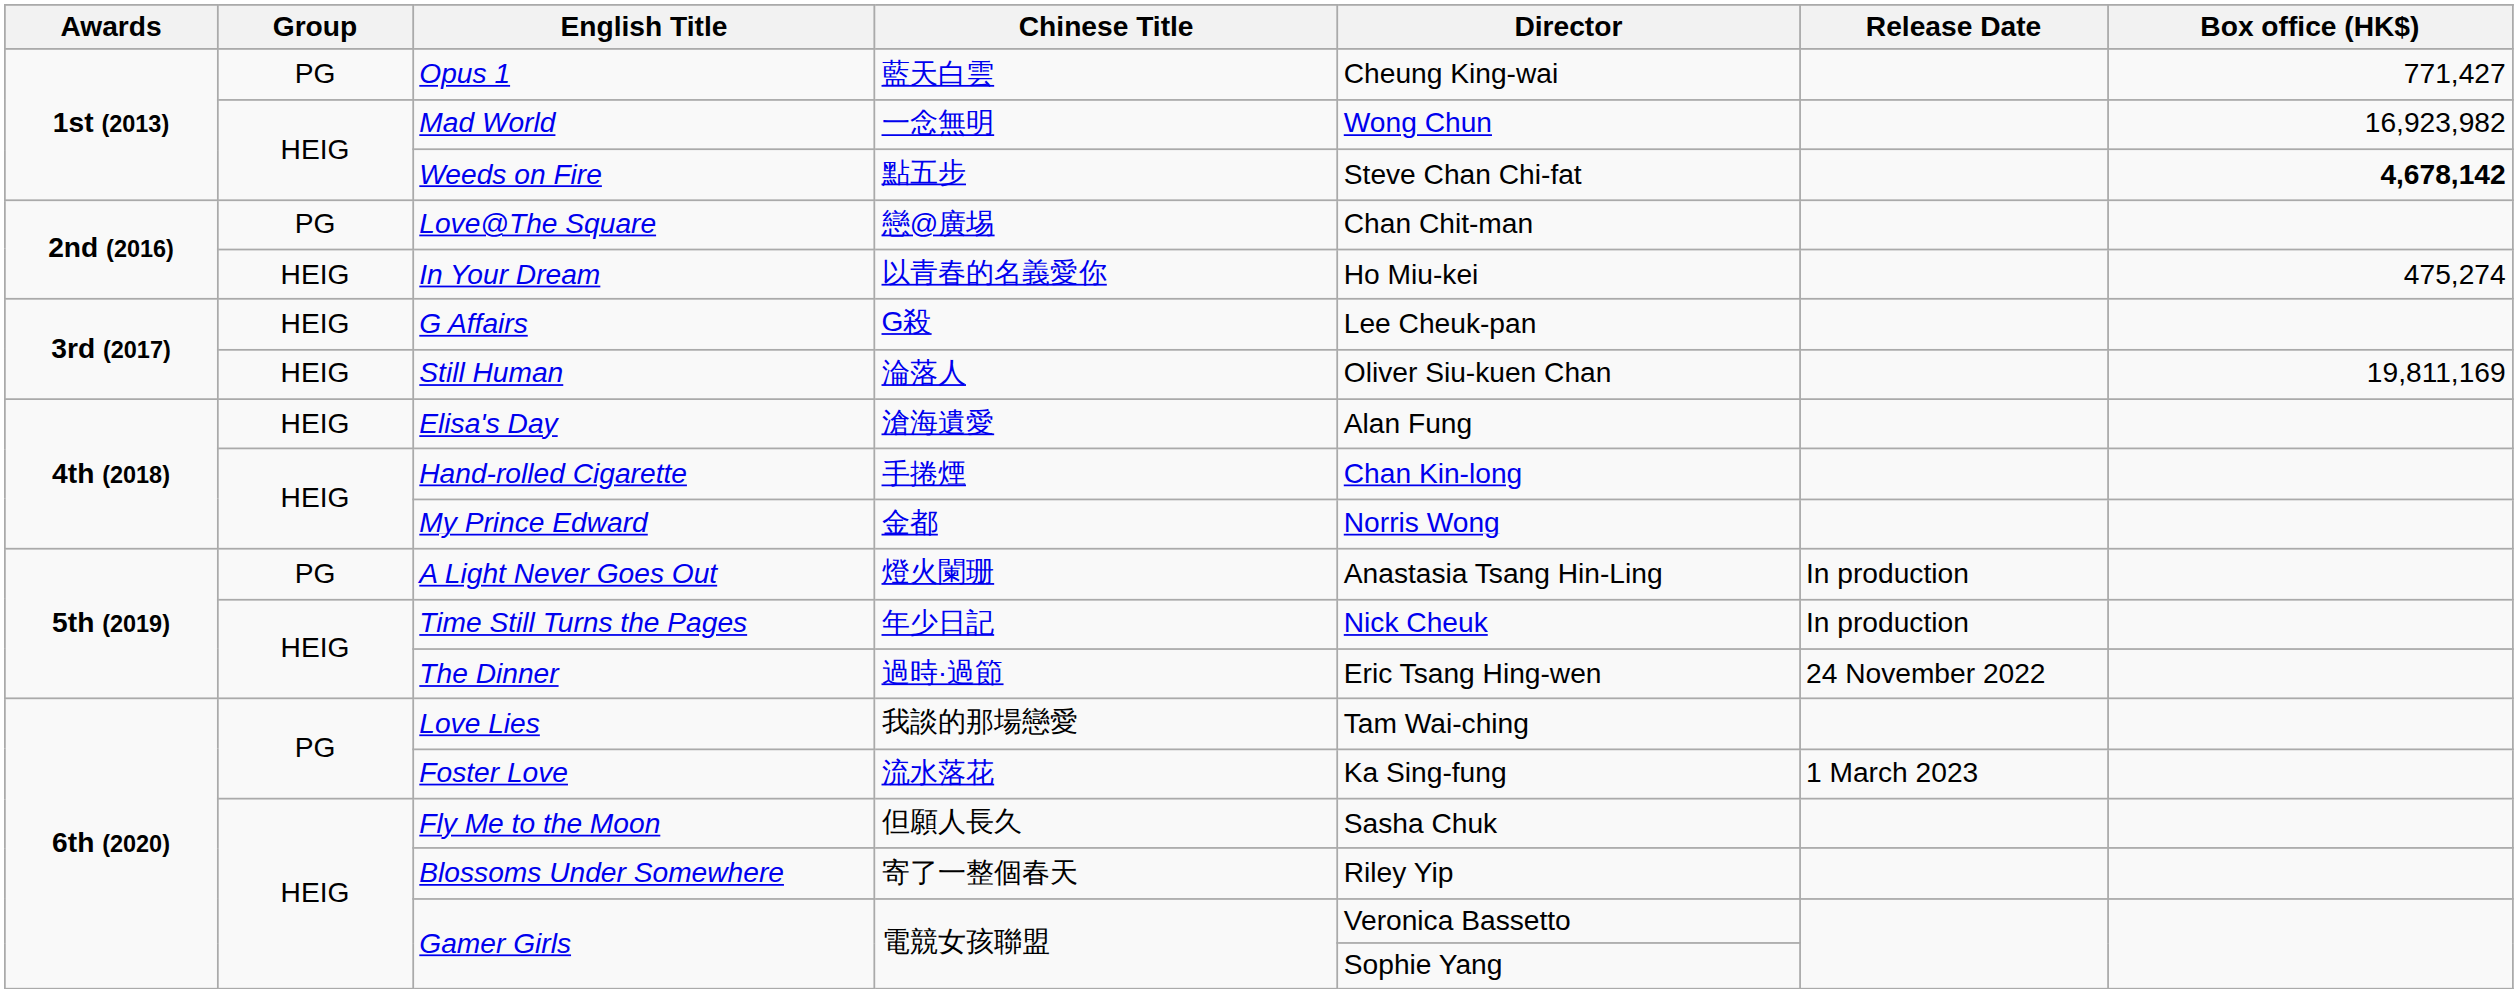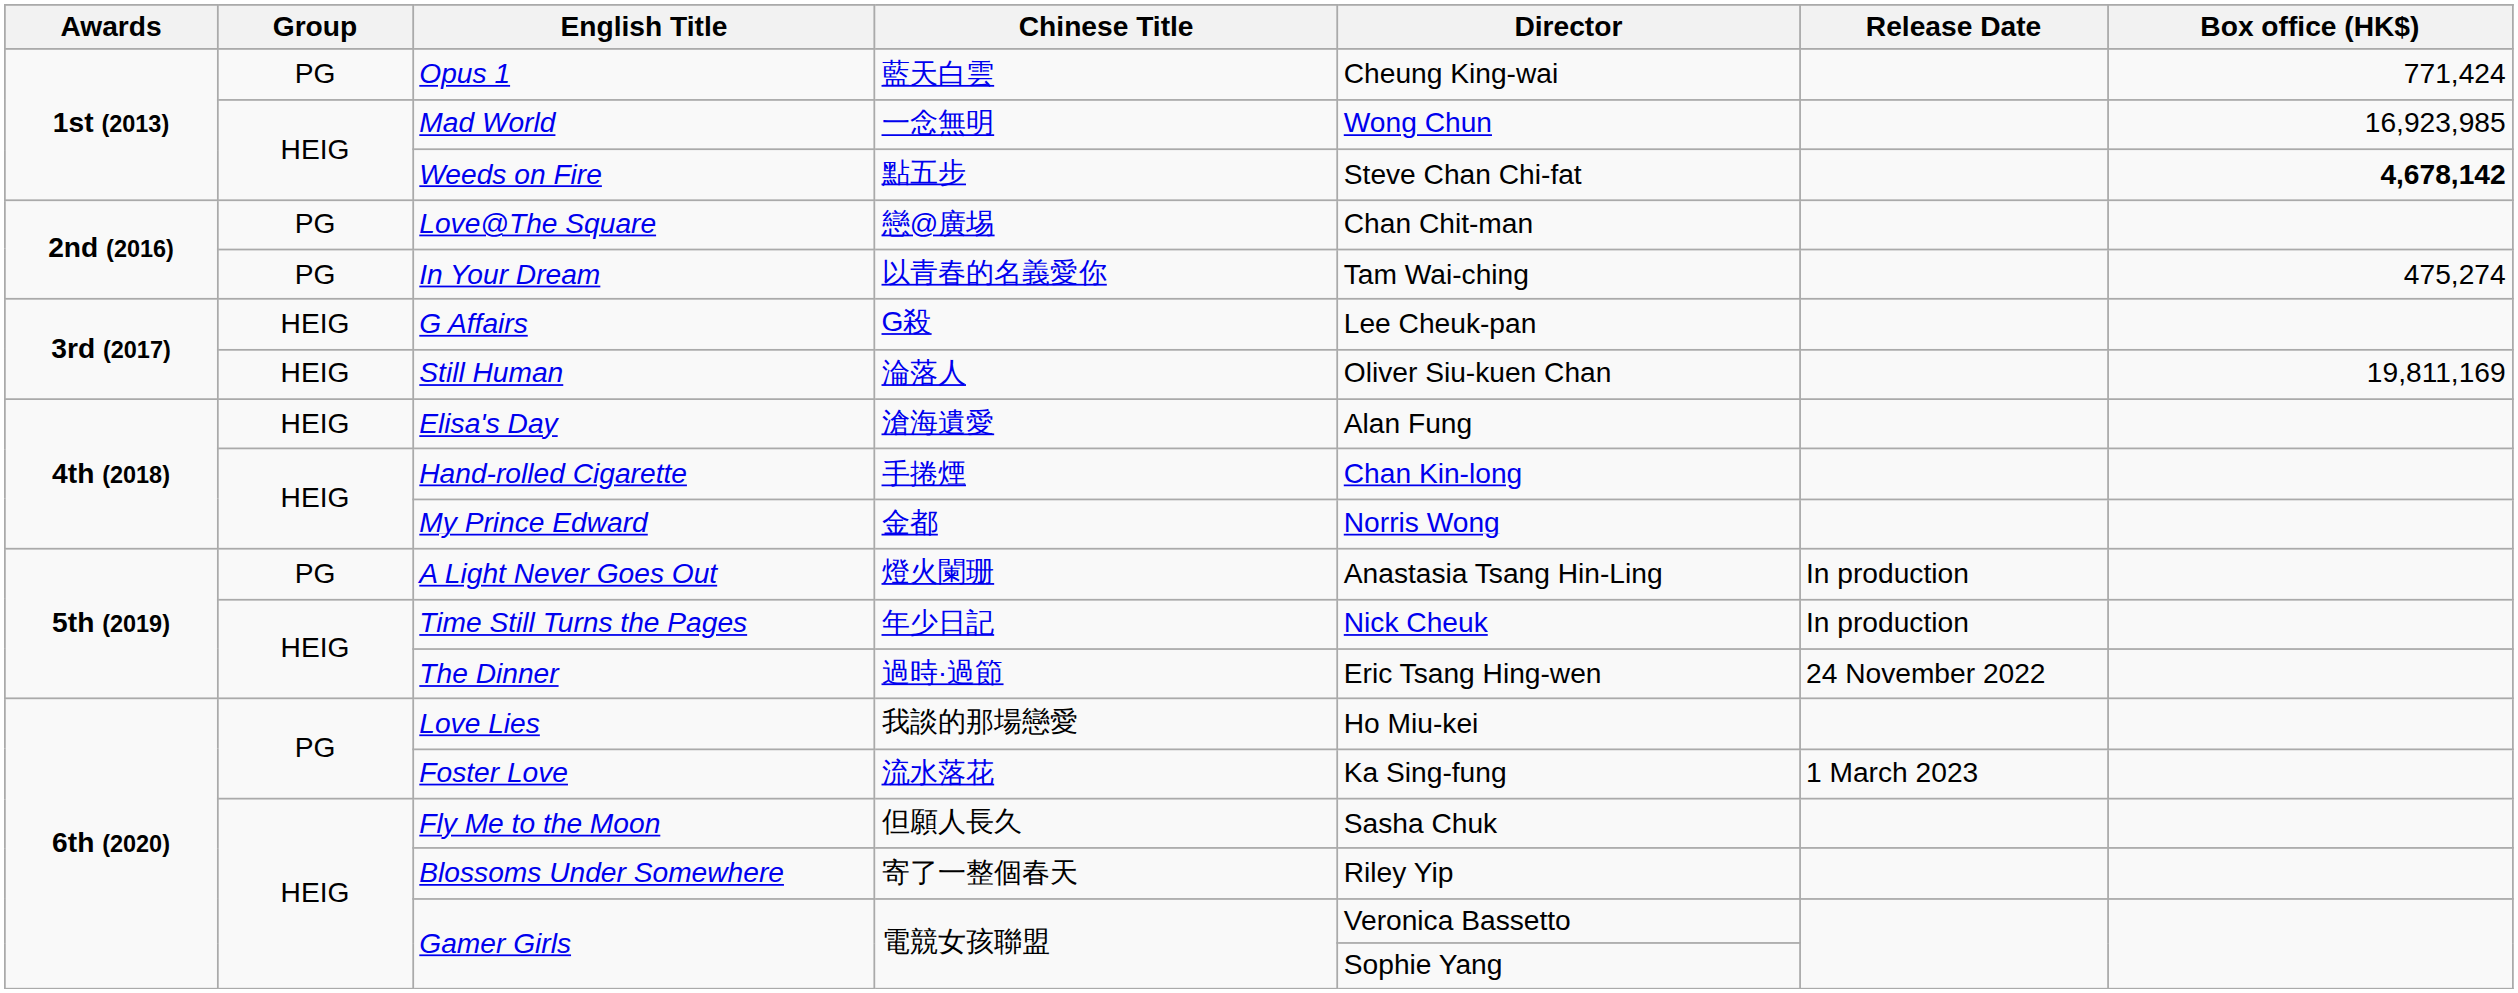 <table class="wikitable sortable"  width="90%">
 <tr style="background:#bebebe;">
 <th style="width:3%">Awards</th>
 <th style="width:3%">Group</th>
 <th style="width:8%">English Title</th>
 <th style="width:8%"; class="unsortable">Chinese Title</th>
 <th style="width:8%">Director</th>
 <th style="width:5%">Release Date</th>
 <th style="width:7%; data-sort-type:number">Box office (HK$)</th>
 </tr>
 <tr>
 <td rowspan=3 style="text-align:center"><strong> 1st <small>(2013)</small></strong></td>
 <td style="text-align:center">PG</td>
 <td><em><a href='#'>Opus 1</a></em></td>
 <td><a href='#'>藍天白雲</a></td>
 <td>Cheung King-wai</td>
 <td></td>
-<td style="text-align:right">771,427 </td>
+<td style="text-align:right">771,424 </td>
 </tr>
 <tr>
 <td rowspan=2 style="text-align:center">HEIG</td>
 <td><em><a href='#'>Mad World</a></em></td>
 <td><a href='#'>一念無明</a></td>
 <td><a href='#'>Wong Chun</a></td>
 <td></td>
-<td style="text-align:right">16,923,982 </td>
+<td style="text-align:right">16,923,985 </td>
 </tr>
 <tr>
 <td><em><a href='#'>Weeds on Fire</a></em></td>
 <td><a href='#'>點五步</a></td>
 <td data-sort-value="Chan, Chi-fat Steve ">Steve Chan Chi-fat</td>
 <td></td>
 <td style="text-align:right"><strong>4,678,142 </strong></td>
 </tr>
 <tr>
 <td rowspan=2 style="text-align:center"><strong> 2nd <small>(2016)</small></strong></td>
 <td style="text-align:center">PG</td>
 <td><em><a href='#'>Love@The Square</a></em></td>
 <td><a href='#'>戀@廣埸</a></td>
 <td>Chan Chit-man</td>
 <td></td>
 <td style="text-align:right"></td>
 </tr>
 <tr>
-<td style="text-align:center">HEIG</td>
+<td style="text-align:center">PG</td>
 <td><em><a href='#'>In Your Dream</a></em></td>
 <td><a href='#'>以青春的名義愛你</a> </td>
-<td data-sort-value="Ho, Miu-kei">Ho Miu-kei</td>
+<td>Tam Wai-ching</td>
 <td></td>
 <td style="text-align:right">475,274 </td>
 </tr>
 <tr>
 <td rowspan=2 style="text-align:center"><strong>3rd <small>(2017)</small></strong></td>
 <td style="text-align:center">HEIG</td>
 <td data-sort-value="G Affairs"><em><a href='#'>G Affairs</a></em></td>
 <td><a href='#'>G殺</a></td>
 <td>Lee Cheuk-pan</td>
 <td></td>
 <td style="text-align:right"></td>
 </tr>
 <tr>
 <td style="text-align:center">HEIG</td>
 <td><em><a href='#'>Still Human</a></em></td>
 <td><a href='#'>淪落人</a></td>
 <td data-sort-value="Chan, Oliver Siu-kuen ">Oliver Siu-kuen Chan</td>
 <td></td>
 <td style="text-align:right">19,811,169 </td>
 </tr>
 <tr>
 <td rowspan=3 style="text-align:center"><strong>4th <small>(2018)</small></strong></td>
 <td style="text-align:center">HEIG</td>
 <td><em><a href='#'>Elisa's Day</a></em></td>
 <td><a href='#'>滄海遺愛</a></td>
 <td data-sort-value="Fung, Alan">Alan Fung</td>
 <td></td>
 <td style="text-align:right"></td>
 </tr>
 <tr>
 <td rowspan=2 style="text-align:center">HEIG</td>
 <td><em><a href='#'>Hand-rolled Cigarette</a></em></td>
 <td><a href='#'>手捲煙</a></td>
 <td data-sort-value="Chan, Kin-long Kelvin"><a href='#'>Chan Kin-long</a></td>
 <td></td>
 <td style="text-align:right"></td>
 </tr>
 <tr>
 <td><em><a href='#'>My Prince Edward</a></em></td>
 <td><a href='#'>金都</a></td>
 <td data-sort-value="Wong, Norris"><a href='#'>Norris Wong</a></td>
 <td></td>
 <td style="text-align:right"></td>
 </tr>
 <tr>
 <td rowspan=3 style="text-align:center"><strong>5th <small>(2019)</small></strong></td>
 <td style="text-align:center">PG</td>
 <td data-sort-value="Light Never Goes Out, A"><em><a href='#'>A Light Never Goes Out</a></em></td>
 <td><a href='#'>燈火闌珊</a></td>
 <td data-sort-value="Tsang, Hin-Ling Anastasia">Anastasia Tsang Hin-Ling</td>
 <td>In production</td>
 <td style="text-align:right"></td>
 </tr>
 <tr>
 <td rowspan=2 style="text-align:center">HEIG</td>
 <td><em><a href='#'>Time Still Turns the Pages</a></em></td>
 <td><a href='#'>年少日記</a></td>
 <td data-sort-value="Cheuk, Yik-him Nick"><a href='#'>Nick Cheuk</a></td>
 <td>In production</td>
 <td style="text-align:right"></td>
 </tr>
 <tr>
 <td data-sort-value="Dinner, The"><em><a href='#'>The Dinner</a></em></td>
 <td><a href='#'>過時·過節</a></td>
 <td data-sort-value="Tsang, Hing-weng Eric">Eric Tsang Hing-wen</td>
 <td>24 November 2022</td>
 <td style="text-align:right"></td>
 </tr>
 <tr>
 <td rowspan=6 style="text-align:center"><strong>6th <small>(2020)</small></strong></td>
 <td rowspan=2 style="text-align:center">PG</td>
 <td><em><a href='#'>Love Lies</a></em></td>
 <td>我談的那場戀愛</td>
-<td>Tam Wai-ching</td>
+<td data-sort-value="Ho, Miu-kei">Ho Miu-kei</td>
 <td></td>
 <td style="text-align:right"></td>
 </tr>
 <tr>
 <td><em><a href='#'>Foster Love</a></em></td>
 <td><a href='#'>流水落花</a></td>
 <td data-sort-value="Ka, Sing-fung">Ka Sing-fung</td>
 <td>1 March 2023</td>
 <td style="text-align:right"></td>
 </tr>
 <tr>
 <td rowspan=4 style="text-align:center">HEIG</td>
 <td><em><a href='#'>Fly Me to the Moon</a></em></td>
 <td>但願人長久</td>
 <td data-sort-value="Chuk, Sasha">Sasha Chuk</td>
 <td></td>
 <td style="text-align:right"></td>
 </tr>
 <tr>
 <td data-sort-value="Blossoms Under Somewhere"><em><a href='#'>Blossoms Under Somewhere</a></em></td>
 <td>寄了一整個春天</td>
 <td data-sort-value="Yip, Yuk-ying">Riley Yip</td>
 <td></td>
 <td style="text-align:right"></td>
 </tr>
 <tr>
 <td rowspan=2  data-sort-value="Gamer Girls"><em><a href='#'>Gamer Girls</a></em></td>
 <td rowspan=2>電競女孩聯盟</td>
 <td data-sort-value="Bassetto, Veronica ">Veronica Bassetto</td>
 <td rowspan=2></td>
 <td rowspan=2 style="text-align:right"></td>
 </tr>
 <tr>
 <td data-sort-value="Yang, Sophie">Sophie Yang</td>
 </tr>
 </table>
